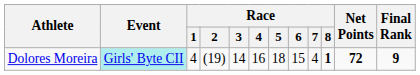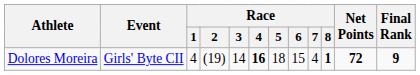 <table class="wikitable" style="font-size:90%">
 <tr>
 <th rowspan="2">Athlete</th>
 <th rowspan="2">Event</th>
 <th colspan=8>Race</th>
 <th rowspan=2>Net<br>Points</th>
 <th rowspan=2>Final <br>Rank</th>
 </tr>
 <tr style="font-size:95%">
 <th>1</th>
 <th>2</th>
 <th>3</th>
 <th>4</th>
 <th>5</th>
 <th>6</th>
 <th>7</th>
 <th>8</th>
 </tr>
 <tr align=center>
 <td align=left><a href='#'>Dolores Moreira</a></td>
-<td align=left style="background: paleturquoise;"><a href='#'>Girls' Byte CII</a></td>
+<td align=left><a href='#'>Girls' Byte CII</a></td>
 <td>4</td>
 <td>(19)</td>
 <td>14</td>
-<td>16</td>
+<td><strong>16</strong></td>
 <td>18</td>
 <td>15</td>
 <td>4</td>
 <td><strong>1</strong></td>
 <td><strong>72</strong></td>
 <td><strong>9</strong></td>
 </tr>
 </table>
